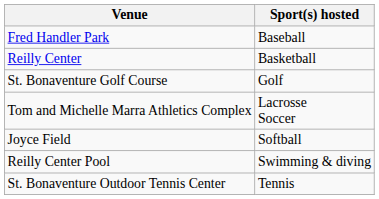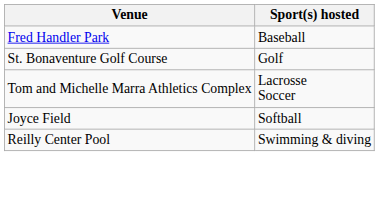 <table class="wikitable"; style= "text-align: ">
 <tr>
 <th width=px>Venue</th>
 <th width=px>Sport(s) hosted</th>
 </tr>
 <tr>
 <td><a href='#'>Fred Handler Park</a></td>
 <td>Baseball</td>
-</tr>
-<tr>
-<td><a href='#'>Reilly Center</a></td>
-<td>Basketball</td>
 </tr>
 <tr>
 <td>St. Bonaventure Golf Course</td>
 <td>Golf</td>
 </tr>
 <tr>
 <td>Tom and Michelle Marra Athletics Complex</td>
 <td>Lacrosse<br> Soccer</td>
 </tr>
 <tr>
 <td>Joyce Field</td>
 <td>Softball</td>
 </tr>
 <tr>
 <td>Reilly Center Pool</td>
 <td>Swimming & diving</td>
 </tr>
-<tr>
-<td>St. Bonaventure Outdoor Tennis Center</td>
-<td>Tennis</td>
-</tr>
 </table>
